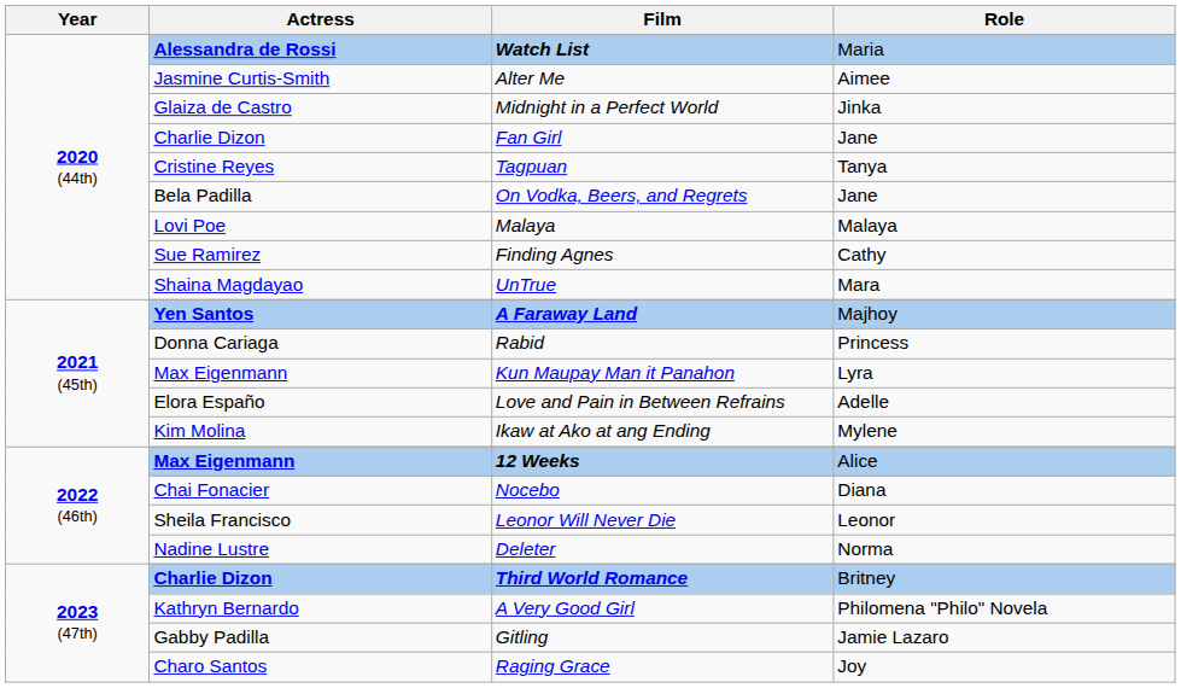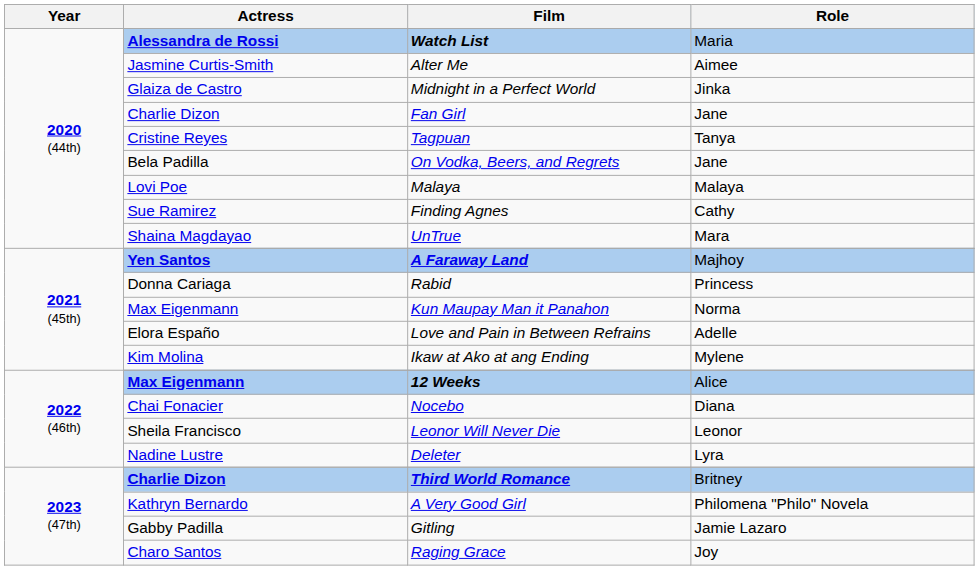 <table class="wikitable" style="width:80%">
 <tr bgcolor="#ABCDEF">
 <th width="8%">Year</th>
 <th width="19%">Actress</th>
 <th width="19%">Film</th>
 <th width="19%">Role</th>
 </tr>
 <tr>
 <td rowspan=10 style="text-align:center"><strong><a href='#'>2020</a></strong><br><small>(44th)</small></td>
 </tr>
 <tr style="background:#ABCDEF">
 <td><strong><a href='#'>Alessandra de Rossi</a></strong></td>
 <td><strong><em>Watch List</em></strong></td>
 <td>Maria</td>
 </tr>
 <tr>
 <td><a href='#'>Jasmine Curtis-Smith</a></td>
 <td><em>Alter Me</em></td>
 <td>Aimee</td>
 </tr>
 <tr>
 <td><a href='#'>Glaiza de Castro</a></td>
 <td><em>Midnight in a Perfect World</em></td>
 <td>Jinka</td>
 </tr>
 <tr>
 <td><a href='#'>Charlie Dizon</a></td>
 <td><em><a href='#'>Fan Girl</a></em></td>
 <td>Jane</td>
 </tr>
 <tr>
 <td><a href='#'>Cristine Reyes</a></td>
 <td><em><a href='#'>Tagpuan</a></em></td>
 <td>Tanya</td>
 </tr>
 <tr>
 <td>Bela Padilla</td>
 <td><em><a href='#'>On Vodka, Beers, and Regrets</a></em></td>
 <td>Jane</td>
 </tr>
 <tr>
 <td><a href='#'>Lovi Poe</a></td>
 <td><em>Malaya</em></td>
 <td>Malaya</td>
 </tr>
 <tr>
 <td><a href='#'>Sue Ramirez</a></td>
 <td><em>Finding Agnes</em></td>
 <td>Cathy</td>
 </tr>
 <tr>
 <td><a href='#'>Shaina Magdayao</a></td>
 <td><em><a href='#'>UnTrue</a></em></td>
 <td>Mara</td>
 </tr>
 <tr>
 <td rowspan=6 style="text-align:center"><strong><a href='#'>2021</a></strong><br><small>(45th)</small></td>
 </tr>
 <tr style="background:#ABCDEF">
 <td><strong><a href='#'>Yen Santos</a></strong></td>
 <td><strong><em><a href='#'>A Faraway Land</a></em></strong></td>
 <td>Majhoy</td>
 </tr>
 <tr>
 <td>Donna Cariaga</td>
 <td><em>Rabid</em></td>
 <td>Princess</td>
 </tr>
 <tr>
 <td><a href='#'>Max Eigenmann</a></td>
 <td><em><a href='#'>Kun Maupay Man it Panahon</a></em></td>
-<td>Lyra</td>
+<td>Norma</td>
 </tr>
 <tr>
 <td>Elora Españo</td>
 <td><em>Love and Pain in Between Refrains</em></td>
 <td>Adelle</td>
 </tr>
 <tr>
 <td><a href='#'>Kim Molina</a></td>
 <td><em>Ikaw at Ako at ang Ending</em></td>
 <td>Mylene</td>
 </tr>
 <tr>
 <td rowspan=5 style="text-align:center"><strong><a href='#'>2022</a></strong><br><small>(46th)</small></td>
 </tr>
 <tr style="background:#ABCDEF">
 <td><strong><a href='#'>Max Eigenmann</a></strong></td>
 <td><strong><em>12 Weeks</em></strong></td>
 <td>Alice</td>
 </tr>
 <tr>
 <td><a href='#'>Chai Fonacier</a></td>
 <td><em><a href='#'>Nocebo</a></em></td>
 <td>Diana</td>
 </tr>
 <tr>
 <td>Sheila Francisco</td>
 <td><em><a href='#'>Leonor Will Never Die</a></em></td>
 <td>Leonor</td>
 </tr>
 <tr>
 <td><a href='#'>Nadine Lustre</a></td>
 <td><em><a href='#'>Deleter</a></em></td>
-<td>Norma</td>
+<td>Lyra</td>
 </tr>
 <tr>
 <td rowspan=5 style="text-align:center"><strong><a href='#'>2023</a></strong><br><small>(47th)</small></td>
 </tr>
 <tr style="background:#ABCDEF">
 <td><strong><a href='#'>Charlie Dizon</a></strong></td>
 <td><strong><em><a href='#'>Third World Romance</a></em></strong></td>
 <td>Britney</td>
 </tr>
 <tr>
 <td><a href='#'>Kathryn Bernardo</a></td>
 <td><em><a href='#'>A Very Good Girl</a></em></td>
 <td>Philomena "Philo" Novela</td>
 </tr>
 <tr>
 <td>Gabby Padilla</td>
 <td><em>Gitling</em></td>
 <td>Jamie Lazaro</td>
 </tr>
 <tr>
 <td><a href='#'>Charo Santos</a></td>
 <td><em><a href='#'>Raging Grace</a></em></td>
 <td>Joy</td>
 </tr>
 </table>
